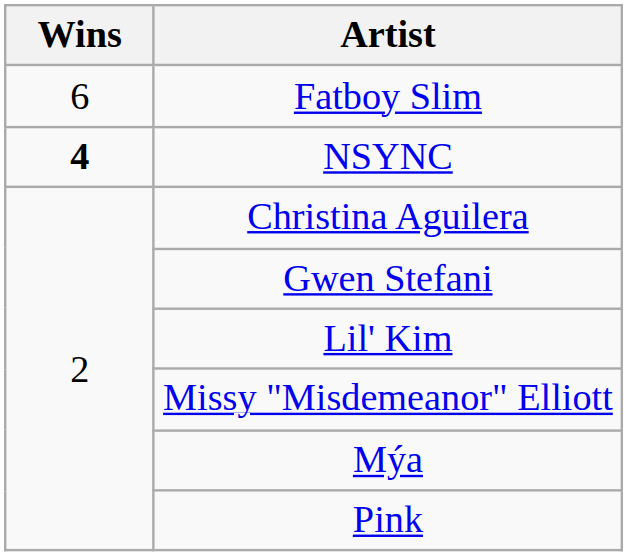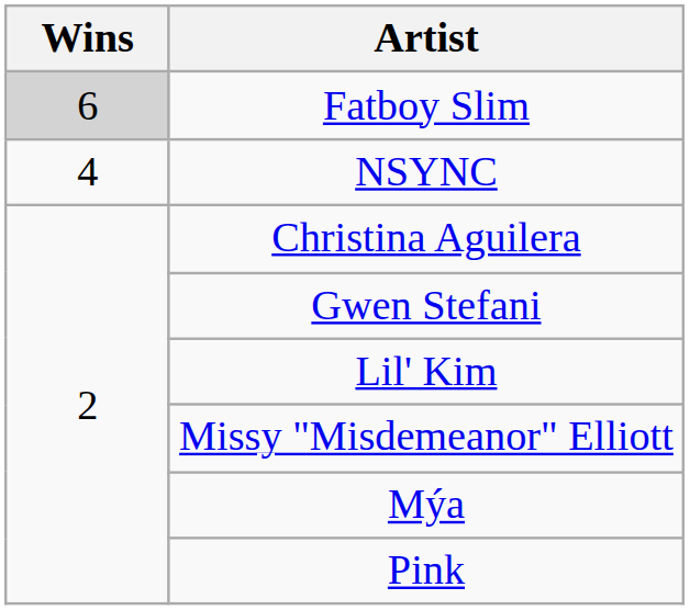 <table class="wikitable" rowspan="2" style="text-align:center">
 <tr>
 <th scope="col" style="width:55px;">Wins</th>
 <th scope="col" style="text-align:center;">Artist</th>
 </tr>
 <tr>
-<td style="text-align:center">6</td>
+<td style="background: lightgrey; text-align:center">6</td>
 <td><a href='#'>Fatboy Slim</a></td>
 </tr>
 <tr>
-<td style="text-align:center"><strong>4</strong></td>
+<td style="text-align:center">4</td>
 <td><a href='#'>NSYNC</a></td>
 </tr>
 <tr>
 <td rowspan="6" style="text-align:center">2</td>
 <td><a href='#'>Christina Aguilera</a></td>
 </tr>
 <tr>
 <td><a href='#'>Gwen Stefani</a></td>
 </tr>
 <tr>
 <td><a href='#'>Lil' Kim</a></td>
 </tr>
 <tr>
 <td><a href='#'>Missy "Misdemeanor" Elliott</a></td>
 </tr>
 <tr>
 <td><a href='#'>Mýa</a></td>
 </tr>
 <tr>
 <td><a href='#'>Pink</a></td>
 </tr>
 </table>
